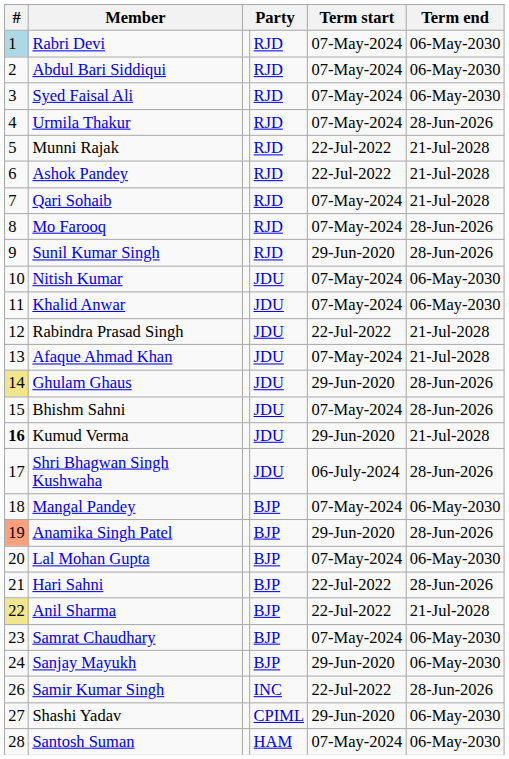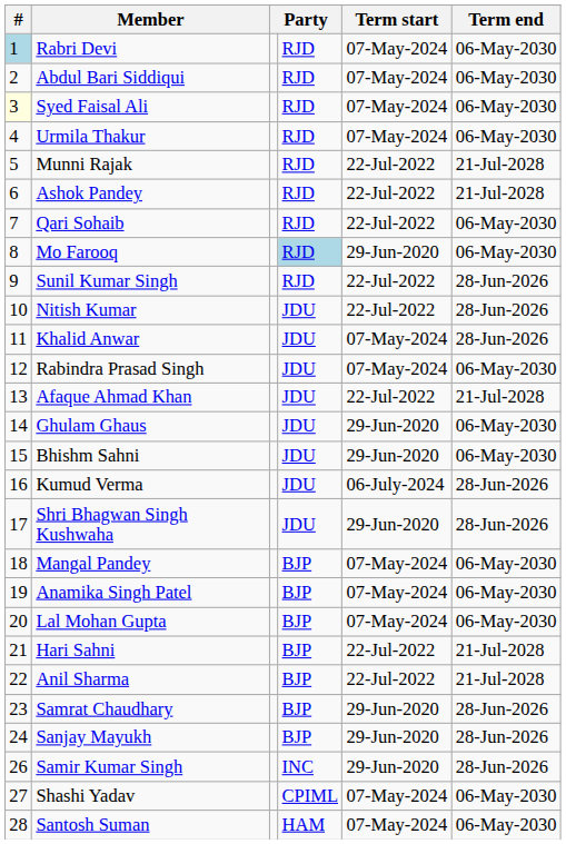 <table class="wikitable sortable">
 <tr>
 <th>#</th>
 <th style="width:200px">Member</th>
 <th colspan="2">Party</th>
 <th>Term start</th>
 <th>Term end</th>
 </tr>
 <tr>
 <td style="background: lightblue;">1</td>
 <td><a href='#'>Rabri Devi</a></td>
 <td style="background-color:"></td>
 <td><a href='#'>RJD</a></td>
 <td>07-May-2024</td>
 <td>06-May-2030</td>
 </tr>
 <tr>
 <td>2</td>
 <td><a href='#'>Abdul Bari Siddiqui</a></td>
 <td style="background-color:"></td>
 <td><a href='#'>RJD</a></td>
 <td>07-May-2024</td>
 <td>06-May-2030</td>
 </tr>
 <tr>
-<td>3</td>
+<td style="background: lightyellow;">3</td>
 <td><a href='#'>Syed Faisal Ali</a></td>
 <td style="background-color:"></td>
 <td><a href='#'>RJD</a></td>
 <td>07-May-2024</td>
 <td>06-May-2030</td>
 </tr>
 <tr>
 <td>4</td>
 <td><a href='#'>Urmila Thakur</a></td>
 <td style="background-color:"></td>
 <td><a href='#'>RJD</a></td>
 <td>07-May-2024</td>
-<td>28-Jun-2026</td>
+<td>06-May-2030</td>
 </tr>
 <tr>
 <td>5</td>
 <td>Munni Rajak</td>
 <td style="background-color:"></td>
 <td><a href='#'>RJD</a></td>
 <td>22-Jul-2022</td>
 <td>21-Jul-2028</td>
 </tr>
 <tr>
 <td>6</td>
 <td><a href='#'>Ashok Pandey</a></td>
 <td style="background-color:"></td>
 <td><a href='#'>RJD</a></td>
 <td>22-Jul-2022</td>
 <td>21-Jul-2028</td>
 </tr>
 <tr>
 <td>7</td>
 <td><a href='#'>Qari Sohaib</a></td>
 <td style="background-color:"></td>
 <td><a href='#'>RJD</a></td>
-<td>07-May-2024</td>
-<td>21-Jul-2028</td>
+<td>22-Jul-2022</td>
+<td>06-May-2030</td>
 </tr>
 <tr>
 <td>8</td>
 <td><a href='#'>Mo Farooq</a></td>
 <td style="background-color:"></td>
-<td><a href='#'>RJD</a></td>
-<td>07-May-2024</td>
-<td>28-Jun-2026</td>
+<td style="background: lightblue;"><a href='#'>RJD</a></td>
+<td>29-Jun-2020</td>
+<td>06-May-2030</td>
 </tr>
 <tr>
 <td>9</td>
 <td><a href='#'>Sunil Kumar Singh</a></td>
 <td style="background-color:"></td>
 <td><a href='#'>RJD</a></td>
-<td>29-Jun-2020</td>
+<td>22-Jul-2022</td>
 <td>28-Jun-2026</td>
 </tr>
 <tr>
 <td>10</td>
 <td><a href='#'>Nitish Kumar</a></td>
 <td style="background-color:"></td>
 <td><a href='#'>JDU</a></td>
-<td>07-May-2024</td>
-<td>06-May-2030</td>
+<td>22-Jul-2022</td>
+<td>28-Jun-2026</td>
 </tr>
 <tr>
 <td>11</td>
 <td><a href='#'>Khalid Anwar</a></td>
 <td style="background-color:"></td>
 <td><a href='#'>JDU</a></td>
 <td>07-May-2024</td>
-<td>06-May-2030</td>
+<td>28-Jun-2026</td>
 </tr>
 <tr>
 <td>12</td>
 <td>Rabindra Prasad Singh</td>
 <td style="background-color:"></td>
 <td><a href='#'>JDU</a></td>
-<td>22-Jul-2022</td>
-<td>21-Jul-2028</td>
+<td>07-May-2024</td>
+<td>06-May-2030</td>
 </tr>
 <tr>
 <td>13</td>
 <td><a href='#'>Afaque Ahmad Khan</a></td>
 <td style="background-color:"></td>
 <td><a href='#'>JDU</a></td>
-<td>07-May-2024</td>
+<td>22-Jul-2022</td>
 <td>21-Jul-2028</td>
 </tr>
 <tr>
-<td style="background: khaki;">14</td>
+<td>14</td>
 <td><a href='#'>Ghulam Ghaus</a></td>
 <td style="background-color:"></td>
 <td><a href='#'>JDU</a></td>
 <td>29-Jun-2020</td>
-<td>28-Jun-2026</td>
+<td>06-May-2030</td>
 </tr>
 <tr>
 <td>15</td>
 <td>Bhishm Sahni</td>
 <td style="background-color:"></td>
 <td><a href='#'>JDU</a></td>
-<td>07-May-2024</td>
-<td>28-Jun-2026</td>
+<td>29-Jun-2020</td>
+<td>06-May-2030</td>
 </tr>
 <tr>
-<td><strong>16</strong></td>
+<td>16</td>
 <td>Kumud Verma</td>
 <td style="background-color:"></td>
 <td><a href='#'>JDU</a></td>
-<td>29-Jun-2020</td>
-<td>21-Jul-2028</td>
+<td>06-July-2024</td>
+<td>28-Jun-2026</td>
 </tr>
 <tr>
 <td>17</td>
 <td><a href='#'>Shri Bhagwan Singh Kushwaha</a></td>
 <td style="background-color:"></td>
 <td><a href='#'>JDU</a></td>
-<td>06-July-2024</td>
+<td>29-Jun-2020</td>
 <td>28-Jun-2026</td>
 </tr>
 <tr>
 <td>18</td>
 <td><a href='#'>Mangal Pandey</a></td>
 <td style="background-color:"></td>
 <td><a href='#'>BJP</a></td>
 <td>07-May-2024</td>
 <td>06-May-2030</td>
 </tr>
 <tr>
-<td style="background: lightsalmon;">19</td>
+<td>19</td>
 <td><a href='#'>Anamika Singh Patel</a></td>
 <td style="background-color:"></td>
 <td><a href='#'>BJP</a></td>
-<td>29-Jun-2020</td>
-<td>28-Jun-2026</td>
+<td>07-May-2024</td>
+<td>06-May-2030</td>
 </tr>
 <tr>
 <td>20</td>
 <td><a href='#'>Lal Mohan Gupta</a></td>
 <td style="background-color:"></td>
 <td><a href='#'>BJP</a></td>
 <td>07-May-2024</td>
 <td>06-May-2030</td>
 </tr>
 <tr>
 <td>21</td>
 <td><a href='#'>Hari Sahni</a></td>
 <td style="background-color:"></td>
 <td><a href='#'>BJP</a></td>
 <td>22-Jul-2022</td>
-<td>28-Jun-2026</td>
+<td>21-Jul-2028</td>
 </tr>
 <tr>
-<td style="background: khaki;">22</td>
+<td>22</td>
 <td><a href='#'>Anil Sharma</a></td>
 <td style="background-color:"></td>
 <td><a href='#'>BJP</a></td>
 <td>22-Jul-2022</td>
 <td>21-Jul-2028</td>
 </tr>
 <tr>
 <td>23</td>
 <td><a href='#'>Samrat Chaudhary</a></td>
 <td style="background-color:"></td>
 <td><a href='#'>BJP</a></td>
-<td>07-May-2024</td>
-<td>06-May-2030</td>
+<td>29-Jun-2020</td>
+<td>28-Jun-2026</td>
 </tr>
 <tr>
 <td>24</td>
 <td><a href='#'>Sanjay Mayukh</a></td>
 <td style="background-color:"></td>
 <td><a href='#'>BJP</a></td>
 <td>29-Jun-2020</td>
-<td>06-May-2030</td>
+<td>28-Jun-2026</td>
 </tr>
 <tr>
 <td>26</td>
 <td><a href='#'>Samir Kumar Singh</a></td>
 <td style="background-color:"></td>
 <td><a href='#'>INC</a></td>
-<td>22-Jul-2022</td>
+<td>29-Jun-2020</td>
 <td>28-Jun-2026</td>
 </tr>
 <tr>
 <td>27</td>
 <td>Shashi Yadav</td>
 <td style="background-color:"></td>
 <td><a href='#'>CPIML</a></td>
-<td>29-Jun-2020</td>
+<td>07-May-2024</td>
 <td>06-May-2030</td>
 </tr>
 <tr>
 <td>28</td>
 <td><a href='#'>Santosh Suman</a></td>
 <td style="background-color:"></td>
 <td><a href='#'>HAM</a></td>
 <td>07-May-2024</td>
 <td>06-May-2030</td>
 </tr>
 </table>
